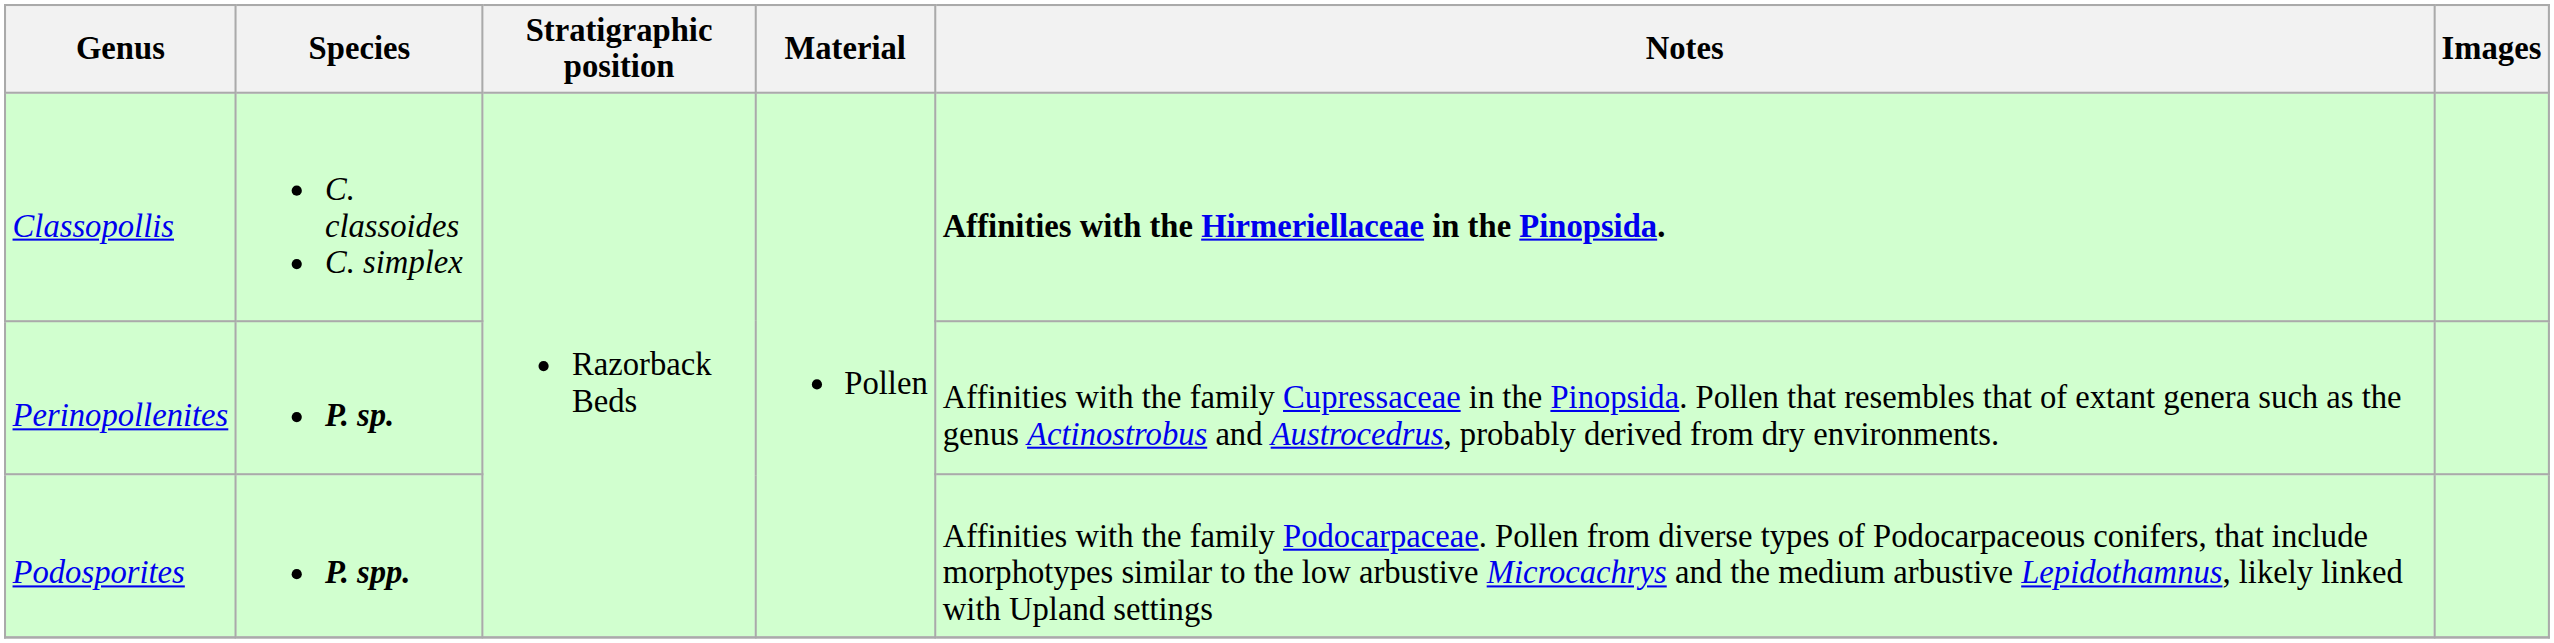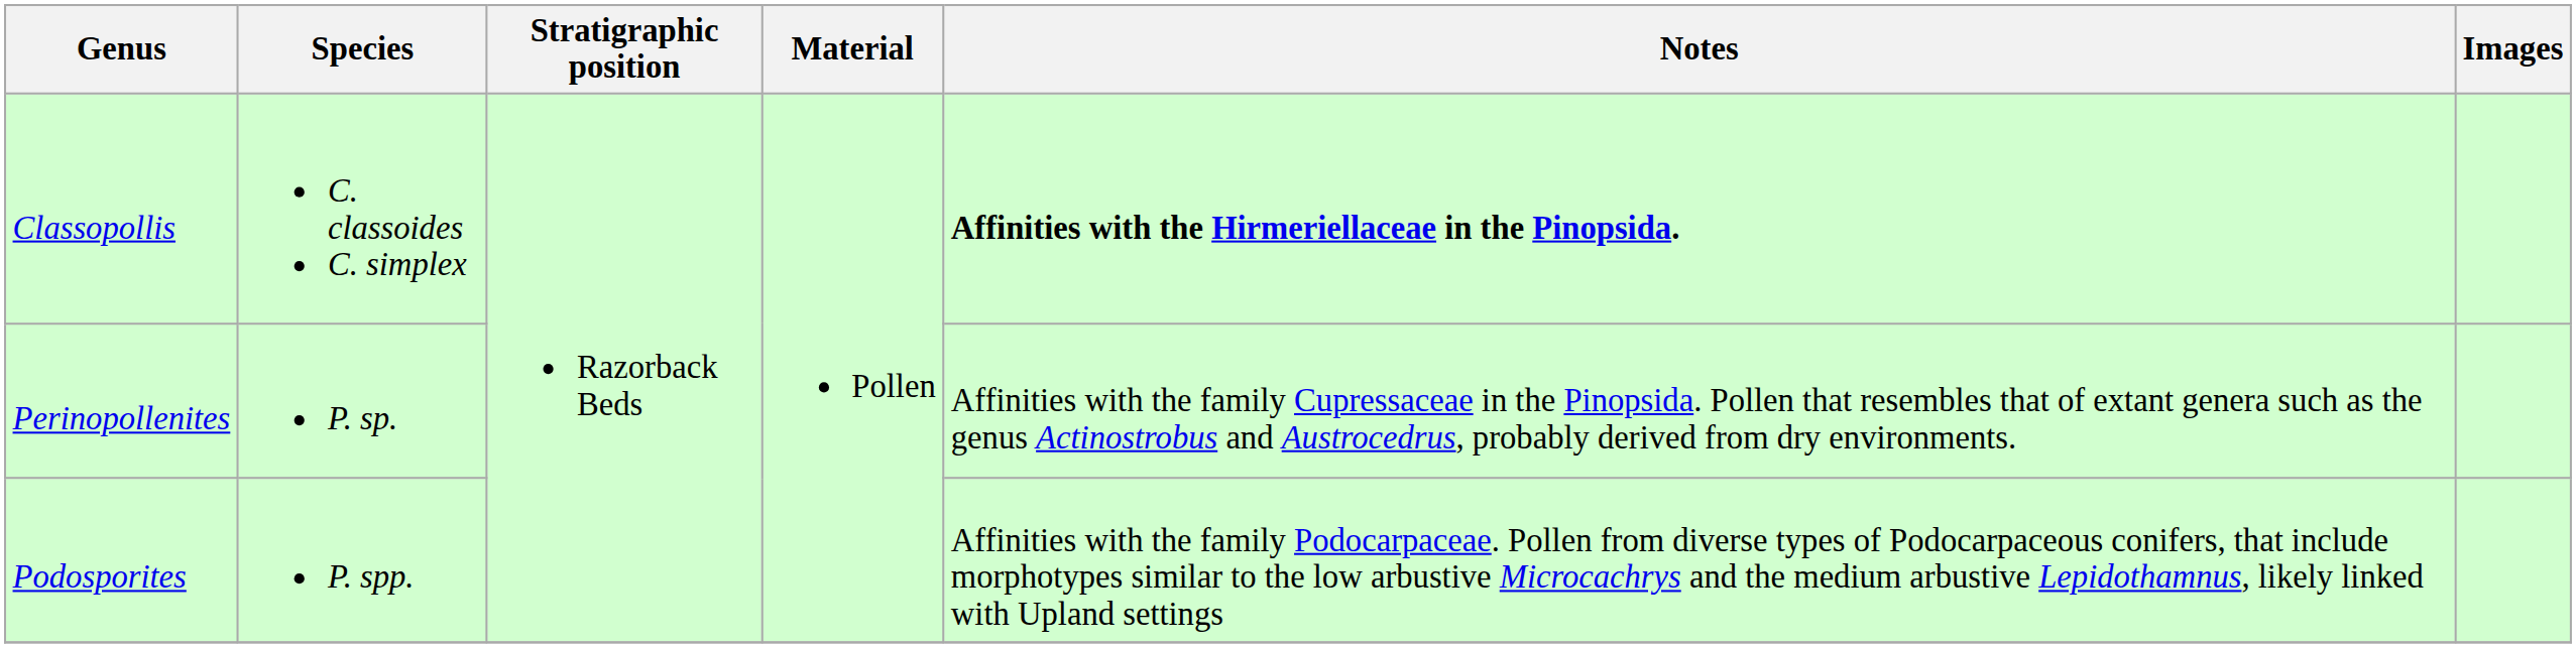 <table class = "wikitable">
 <tr>
 <th>Genus</th>
 <th>Species</th>
 <th>Stratigraphic position</th>
 <th>Material</th>
 <th>Notes</th>
 <th>Images</th>
 </tr>
 <tr>
 <td style="background:#D1FFCF;"><br><em><a href='#'>Classopollis</a></em></td>
 <td style="background:#D1FFCF;"><br><ul><li><em>C. classoides</em></li><li><em>C. simplex</em></li></ul></td>
 <td rowspan="3" style="background:#D1FFCF;"><br><ul><li>Razorback Beds</li></ul></td>
 <td rowspan="3" style="background:#D1FFCF;"><br><ul><li>Pollen</li></ul></td>
 <td style="background:#D1FFCF;"><strong><br>Affinities with the <a href='#'>Hirmeriellaceae</a> in the <a href='#'>Pinopsida</a>.</strong></td>
 <td style="background:#D1FFCF;"></td>
 </tr>
 <tr>
 <td style="background:#D1FFCF;"><br><em><a href='#'>Perinopollenites</a></em></td>
-<td style="background:#D1FFCF;"><strong><br><ul><li><em>P. sp.</em></li></ul></strong></td>
+<td style="background:#D1FFCF;"><br><ul><li><em>P. sp.</em></li></ul></td>
 <td style="background:#D1FFCF;"><br>Affinities with the family <a href='#'>Cupressaceae</a> in the <a href='#'>Pinopsida</a>. Pollen that resembles that of extant genera such as the genus <em><a href='#'>Actinostrobus</a></em> and <em><a href='#'>Austrocedrus</a></em>, probably derived from dry environments.</td>
 <td style="background:#D1FFCF;"><br></td>
 </tr>
 <tr>
 <td style="background:#D1FFCF;"><br><em><a href='#'>Podosporites</a></em></td>
-<td style="background:#D1FFCF;"><strong><br><ul><li><em>P. spp.</em></li></ul></strong></td>
+<td style="background:#D1FFCF;"><br><ul><li><em>P. spp.</em></li></ul></td>
 <td style="background:#D1FFCF;"><br>Affinities with the family <a href='#'>Podocarpaceae</a>. Pollen from diverse types of Podocarpaceous conifers, that include morphotypes similar to the low arbustive <em><a href='#'>Microcachrys</a></em> and the medium arbustive <em><a href='#'>Lepidothamnus</a></em>, likely linked with Upland settings</td>
 <td style="background:#D1FFCF;"><br></td>
 </tr>
 <tr>
 </tr>
 </table>
